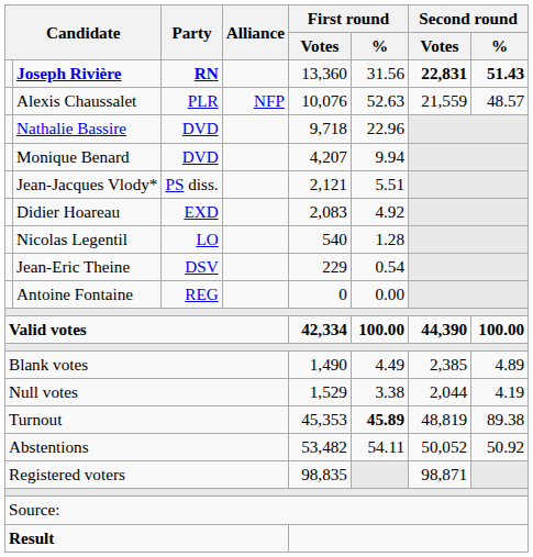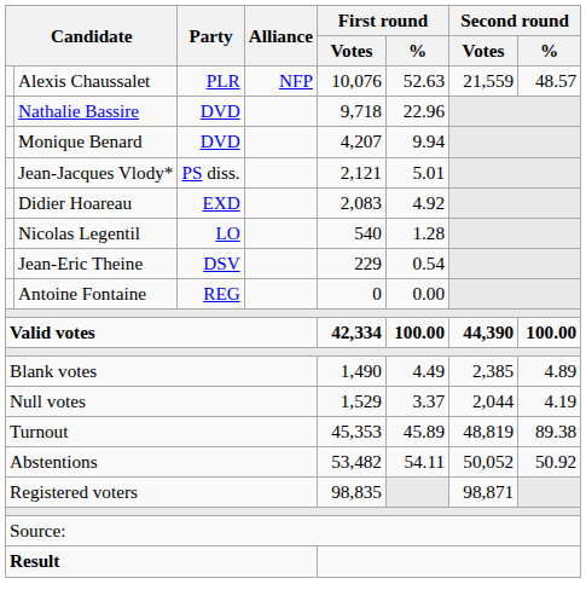 <table class="wikitable" style="text-align:right;font-size:95%;">
 <tr>
 <th colspan="2" rowspan="2">Candidate</th>
 <th colspan="1" rowspan="2">Party</th>
 <th colspan="1" rowspan="2">Alliance</th>
 <th colspan="2">First round</th>
 <th colspan="2">Second round</th>
 </tr>
 <tr>
 <th style="width:50px;">Votes</th>
 <th style="width:45px;">%</th>
 <th style="width:50px;">Votes</th>
 <th style="width:45px;">%</th>
-</tr>
-<tr>
-<td style="color:inherit;background:"></td>
-<td style="text-align:left;"><a href='#'><strong>Joseph Rivière</strong></a></td>
-<td><a href='#'><strong>RN</strong></a></td>
-<td></td>
-<td>13,360</td>
-<td>31.56</td>
-<td><strong>22,831</strong></td>
-<td><strong>51.43</strong></td>
 </tr>
 <tr>
 <td style="color:inherit;background:"></td>
 <td style="text-align:left;">Alexis Chaussalet</td>
 <td><a href='#'>PLR</a></td>
 <td><a href='#'>NFP</a></td>
 <td>10,076</td>
 <td>52.63</td>
 <td>21,559</td>
 <td>48.57</td>
 </tr>
 <tr>
 <td style="color:inherit;background:"></td>
 <td style="text-align:left;"><a href='#'>Nathalie Bassire</a></td>
 <td><a href='#'>DVD</a></td>
 <td></td>
 <td>9,718</td>
 <td>22.96</td>
 <td colspan="2" rowspan="1" style="background:#E9E9E9;"></td>
 </tr>
 <tr>
 <td style="color:inherit;background:"></td>
 <td style="text-align:left;">Monique Benard</td>
 <td><a href='#'>DVD</a></td>
 <td></td>
 <td>4,207</td>
 <td>9.94</td>
 <td colspan="2" rowspan="1" style="background:#E9E9E9;"></td>
 </tr>
 <tr>
 <td style="color:inherit;background:"></td>
 <td style="text-align:left;">Jean-Jacques Vlody*</td>
 <td><a href='#'>PS</a> diss.</td>
 <td></td>
 <td>2,121</td>
-<td>5.51</td>
+<td>5.01</td>
 <td colspan="2" rowspan="1" style="background:#E9E9E9;"></td>
 </tr>
 <tr>
 <td style="color:inherit;background:"></td>
 <td style="text-align:left;">Didier Hoareau</td>
 <td><a href='#'>EXD</a></td>
 <td></td>
 <td>2,083</td>
 <td>4.92</td>
 <td colspan="2" rowspan="1" style="background:#E9E9E9;"></td>
 </tr>
 <tr>
 <td style="color:inherit;background:"></td>
 <td style="text-align:left;">Nicolas Legentil</td>
 <td><a href='#'>LO</a></td>
 <td></td>
 <td>540</td>
 <td>1.28</td>
 <td colspan="2" rowspan="1" style="background:#E9E9E9;"></td>
 </tr>
 <tr>
 <td style="color:inherit;background:"></td>
 <td style="text-align:left;">Jean-Eric Theine</td>
 <td><a href='#'>DSV</a></td>
 <td></td>
 <td>229</td>
 <td>0.54</td>
 <td colspan="2" rowspan="1" style="background:#E9E9E9;"></td>
 </tr>
 <tr>
 <td style="color:inherit;background:"></td>
 <td style="text-align:left;">Antoine Fontaine</td>
 <td><a href='#'>REG</a></td>
 <td></td>
 <td>0</td>
 <td>0.00</td>
 <td colspan="2" style="background:#E9E9E9;"></td>
 </tr>
 <tr>
 <td colspan="8" style="background:#E9E9E9;"></td>
 </tr>
 <tr style="font-weight:bold;">
 <td colspan="4" style="text-align:left;">Valid votes</td>
 <td>42,334</td>
 <td>100.00</td>
 <td>44,390</td>
 <td>100.00</td>
 </tr>
 <tr>
 <td colspan="8" style="background:#E9E9E9;"></td>
 </tr>
 <tr>
 <td colspan="4" style="text-align:left;">Blank votes</td>
 <td>1,490</td>
 <td>4.49</td>
 <td>2,385</td>
 <td>4.89</td>
 </tr>
 <tr>
 <td colspan="4" style="text-align:left;">Null votes</td>
 <td>1,529</td>
-<td>3.38</td>
+<td>3.37</td>
 <td>2,044</td>
 <td>4.19</td>
 </tr>
 <tr>
 <td colspan="4" style="text-align:left;">Turnout</td>
 <td>45,353</td>
-<td><strong>45.89</strong></td>
+<td>45.89</td>
 <td>48,819</td>
 <td>89.38</td>
 </tr>
 <tr>
 <td colspan="4" style="text-align:left;">Abstentions</td>
 <td>53,482</td>
 <td>54.11</td>
 <td>50,052</td>
 <td>50.92</td>
 </tr>
 <tr>
 <td colspan="4" style="text-align:left;">Registered voters</td>
 <td>98,835</td>
 <td style="background:#E9E9E9;"></td>
 <td>98,871</td>
 <td style="background:#E9E9E9;"></td>
 </tr>
 <tr>
 <td colspan="8" style="background:#E9E9E9;"></td>
 </tr>
 <tr>
 <td colspan="8" style="text-align:left;">Source: </td>
 </tr>
 <tr style="font-weight:bold">
 <td colspan="4" style="text-align:left;">Result</td>
 <td colspan="4" style="background-color:"></td>
 </tr>
 </table>
